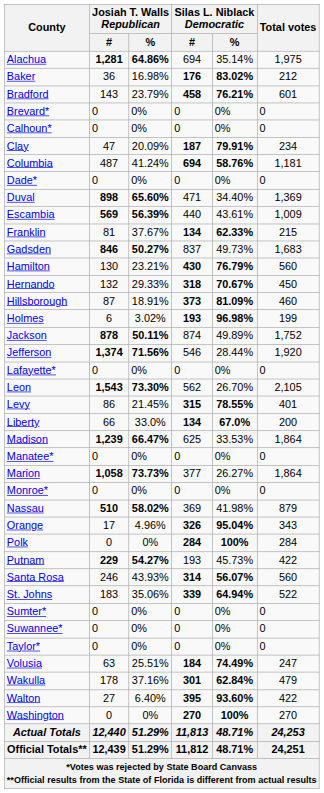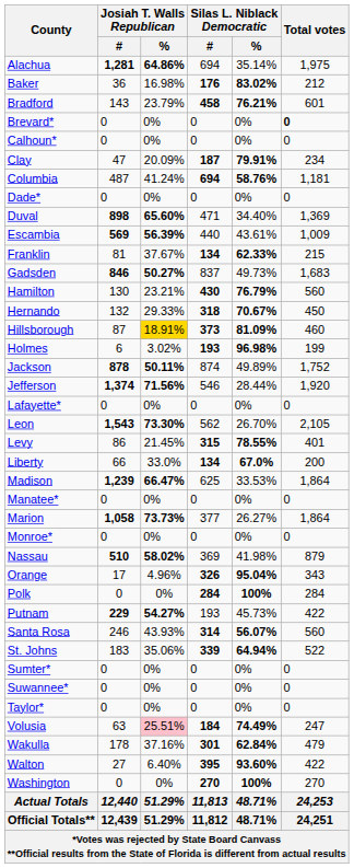 <table class="wikitable sortable">
 <tr>
 <th rowspan="2">County</th>
 <th colspan="2" style="text-align: center;" >Josiah T. Walls <br> <em>Republican</em></th>
 <th colspan="2" style="text-align: center;" >Silas L. Niblack <br><em>Democratic</em></th>
 <th rowspan="2">Total votes</th>
 </tr>
 <tr>
 <th colspan="1" style="text-align: center;" >#</th>
 <th colspan="1" style="text-align: center;" >%</th>
 <th colspan="1" style="text-align: center;" >#</th>
 <th colspan="1" style="text-align: center;" >%</th>
 </tr>
 <tr>
 <td><a href='#'>Alachua</a></td>
 <td align="center"><strong>1,281</strong></td>
 <td align="center"><strong>64.86%</strong></td>
 <td align="center">694</td>
 <td align="center">35.14%</td>
 <td align="center">1,975</td>
 </tr>
 <tr>
 <td><a href='#'>Baker</a></td>
 <td align="center">36</td>
 <td align="center">16.98%</td>
 <td align="center"><strong>176</strong></td>
 <td align="center"><strong>83.02%</strong></td>
 <td align="center">212</td>
 </tr>
 <tr>
 <td><a href='#'>Bradford</a></td>
 <td align="center">143</td>
 <td align="center">23.79%</td>
 <td align="center"><strong>458</strong></td>
 <td align="center"><strong>76.21%</strong></td>
 <td align="center">601</td>
 </tr>
 <tr>
 <td><a href='#'>Brevard*</a></td>
 <td>0</td>
 <td>0%</td>
 <td>0</td>
 <td>0%</td>
-<td>0</td>
+<td><strong>0</strong></td>
 </tr>
 <tr>
 <td><a href='#'>Calhoun*</a></td>
 <td>0</td>
 <td>0%</td>
 <td>0</td>
 <td>0%</td>
 <td>0</td>
 </tr>
 <tr>
 <td><a href='#'>Clay</a></td>
 <td align="center">47</td>
 <td align="center">20.09%</td>
 <td align="center"><strong>187</strong></td>
 <td align="center"><strong>79.91%</strong></td>
 <td align="center">234</td>
 </tr>
 <tr>
 <td><a href='#'>Columbia</a></td>
 <td align="center">487</td>
 <td align="center">41.24%</td>
 <td align="center"><strong>694</strong></td>
 <td align="center"><strong>58.76%</strong></td>
 <td align="center">1,181</td>
 </tr>
 <tr>
 <td><a href='#'>Dade*</a></td>
 <td>0</td>
 <td>0%</td>
 <td>0</td>
 <td>0%</td>
 <td>0</td>
 </tr>
 <tr>
 <td><a href='#'>Duval</a></td>
 <td align="center"><strong>898</strong></td>
 <td align="center"><strong>65.60%</strong></td>
 <td align="center">471</td>
 <td align="center">34.40%</td>
 <td align="center">1,369</td>
 </tr>
 <tr>
 <td><a href='#'>Escambia</a></td>
 <td align="center"><strong>569</strong></td>
 <td align="center"><strong>56.39%</strong></td>
 <td align="center">440</td>
 <td align="center">43.61%</td>
 <td align="center">1,009</td>
 </tr>
 <tr>
 <td><a href='#'>Franklin</a></td>
 <td align="center">81</td>
 <td align="center">37.67%</td>
 <td align="center"><strong>134</strong></td>
 <td align="center"><strong>62.33%</strong></td>
 <td align="center">215</td>
 </tr>
 <tr>
 <td><a href='#'>Gadsden</a></td>
 <td align="center"><strong>846</strong></td>
 <td align="center"><strong>50.27%</strong></td>
 <td align="center">837</td>
 <td align="center">49.73%</td>
 <td align="center">1,683</td>
 </tr>
 <tr>
 <td><a href='#'>Hamilton</a></td>
 <td align="center">130</td>
 <td align="center">23.21%</td>
 <td align="center"><strong>430</strong></td>
 <td align="center"><strong>76.79%</strong></td>
 <td align="center">560</td>
 </tr>
 <tr>
 <td><a href='#'>Hernando</a></td>
 <td align="center">132</td>
 <td align="center">29.33%</td>
 <td align="center"><strong>318</strong></td>
 <td align="center"><strong>70.67%</strong></td>
 <td align="center">450</td>
 </tr>
 <tr>
 <td><a href='#'>Hillsborough</a></td>
 <td align="center">87</td>
-<td align="center">18.91%</td>
+<td align="center" style="background: gold;">18.91%</td>
 <td align="center"><strong>373</strong></td>
 <td align="center"><strong>81.09%</strong></td>
 <td align="center">460</td>
 </tr>
 <tr>
 <td><a href='#'>Holmes</a></td>
 <td align="center">6</td>
 <td align="center">3.02%</td>
 <td align="center"><strong>193</strong></td>
 <td align="center"><strong>96.98%</strong></td>
 <td align="center">199</td>
 </tr>
 <tr>
 <td><a href='#'>Jackson</a></td>
 <td align="center"><strong>878</strong></td>
 <td align="center"><strong>50.11%</strong></td>
 <td align="center">874</td>
 <td align="center">49.89%</td>
 <td align="center">1,752</td>
 </tr>
 <tr>
 <td><a href='#'>Jefferson</a></td>
 <td align="center"><strong>1,374</strong></td>
 <td align="center"><strong>71.56%</strong></td>
 <td align="center">546</td>
 <td align="center">28.44%</td>
 <td align="center">1,920</td>
 </tr>
 <tr>
 <td><a href='#'>Lafayette*</a></td>
 <td>0</td>
 <td>0%</td>
 <td>0</td>
 <td>0%</td>
 <td>0</td>
 </tr>
 <tr>
 <td><a href='#'>Leon</a></td>
 <td align="center"><strong>1,543</strong></td>
 <td align="center"><strong>73.30%</strong></td>
 <td align="center">562</td>
 <td align="center">26.70%</td>
 <td align="center">2,105</td>
 </tr>
 <tr>
 <td><a href='#'>Levy</a></td>
 <td align="center">86</td>
 <td align="center">21.45%</td>
 <td align="center"><strong>315</strong></td>
 <td align="center"><strong>78.55%</strong></td>
 <td align="center">401</td>
 </tr>
 <tr>
 <td><a href='#'>Liberty</a></td>
 <td align="center">66</td>
 <td align="center">33.0%</td>
 <td align="center"><strong>134</strong></td>
 <td align="center"><strong>67.0%</strong></td>
 <td align="center">200</td>
 </tr>
 <tr>
 <td><a href='#'>Madison</a></td>
 <td align="center"><strong>1,239</strong></td>
 <td align="center"><strong>66.47%</strong></td>
 <td align="center">625</td>
 <td align="center">33.53%</td>
 <td align="center">1,864</td>
 </tr>
 <tr>
 <td><a href='#'>Manatee*</a></td>
 <td>0</td>
 <td>0%</td>
 <td>0</td>
 <td>0%</td>
 <td>0</td>
 </tr>
 <tr>
 <td><a href='#'>Marion</a></td>
 <td align="center"><strong>1,058</strong></td>
 <td align="center"><strong>73.73%</strong></td>
 <td align="center">377</td>
 <td align="center">26.27%</td>
 <td align="center">1,864</td>
 </tr>
 <tr>
 <td><a href='#'>Monroe*</a></td>
 <td>0</td>
 <td>0%</td>
 <td>0</td>
 <td>0%</td>
 <td>0</td>
 </tr>
 <tr>
 <td><a href='#'>Nassau</a></td>
 <td align="center"><strong>510</strong></td>
 <td align="center"><strong>58.02%</strong></td>
 <td align="center">369</td>
 <td align="center">41.98%</td>
 <td align="center">879</td>
 </tr>
 <tr>
 <td><a href='#'>Orange</a></td>
 <td align="center">17</td>
 <td align="center">4.96%</td>
 <td align="center"><strong>326</strong></td>
 <td align="center"><strong>95.04%</strong></td>
 <td align="center">343</td>
 </tr>
 <tr>
 <td><a href='#'>Polk</a></td>
 <td align="center">0</td>
 <td align="center">0%</td>
 <td align="center"><strong>284</strong></td>
 <td align="center"><strong>100%</strong></td>
 <td align="center">284</td>
 </tr>
 <tr>
 <td><a href='#'>Putnam</a></td>
 <td align="center"><strong>229</strong></td>
 <td align="center"><strong>54.27%</strong></td>
 <td align="center">193</td>
 <td align="center">45.73%</td>
 <td align="center">422</td>
 </tr>
 <tr>
 <td><a href='#'>Santa Rosa</a></td>
 <td align="center">246</td>
 <td align="center">43.93%</td>
 <td align="center"><strong>314</strong></td>
 <td align="center"><strong>56.07%</strong></td>
 <td align="center">560</td>
 </tr>
 <tr>
 <td><a href='#'>St. Johns</a></td>
 <td align="center">183</td>
 <td align="center">35.06%</td>
 <td align="center"><strong>339</strong></td>
 <td align="center"><strong>64.94%</strong></td>
 <td align="center">522</td>
 </tr>
 <tr>
 <td><a href='#'>Sumter*</a></td>
 <td>0</td>
 <td>0%</td>
 <td>0</td>
 <td>0%</td>
 <td>0</td>
 </tr>
 <tr>
 <td><a href='#'>Suwannee*</a></td>
 <td>0</td>
 <td>0%</td>
 <td>0</td>
 <td>0%</td>
 <td>0</td>
 </tr>
 <tr>
 <td><a href='#'>Taylor*</a></td>
 <td>0</td>
 <td>0%</td>
 <td>0</td>
 <td>0%</td>
 <td>0</td>
 </tr>
 <tr>
 <td><a href='#'>Volusia</a></td>
 <td align="center">63</td>
-<td align="center">25.51%</td>
+<td align="center" style="background: pink;">25.51%</td>
 <td align="center"><strong>184</strong></td>
 <td align="center"><strong>74.49%</strong></td>
 <td align="center">247</td>
 </tr>
 <tr>
 <td><a href='#'>Wakulla</a></td>
 <td align="center">178</td>
 <td align="center">37.16%</td>
 <td align="center"><strong>301</strong></td>
 <td align="center"><strong>62.84%</strong></td>
 <td align="center">479</td>
 </tr>
 <tr>
 <td><a href='#'>Walton</a></td>
 <td align="center">27</td>
 <td align="center">6.40%</td>
 <td align="center"><strong>395</strong></td>
 <td align="center"><strong>93.60%</strong></td>
 <td align="center">422</td>
 </tr>
 <tr>
 <td><a href='#'>Washington</a></td>
 <td align="center">0</td>
 <td align="center">0%</td>
 <td align="center"><strong>270</strong></td>
 <td align="center"><strong>100%</strong></td>
 <td align="center">270</td>
 </tr>
 <tr>
 <th><em>Actual Totals</em></th>
 <th><em>12,440</em></th>
 <th><em>51.29%</em></th>
 <th><em>11,813</em></th>
 <th><em>48.71%</em></th>
 <th><em>24,253</em></th>
 </tr>
 <tr>
 <th>Official Totals**</th>
 <th><strong>12,439</strong></th>
 <th><strong>51.29%</strong></th>
 <th><strong>11,812</strong></th>
 <th><strong>48.71%</strong></th>
 <th><strong>24,251</strong></th>
 </tr>
 <tr>
 <th colspan="6"><small>*Votes was rejected by State Board Canvass</small><br> <small>**Official results from the State of Florida is different from actual results</small></th>
 </tr>
 </table>
